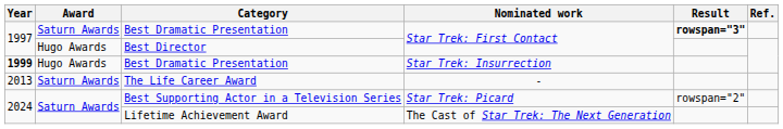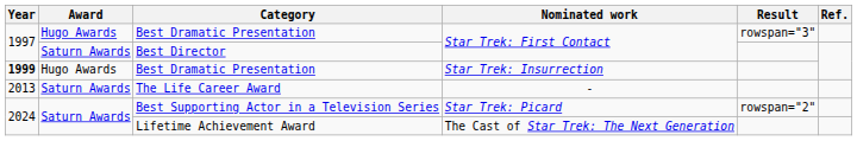 <table class="wikitable">
 <tr>
 <th>Year</th>
 <th>Award</th>
 <th>Category</th>
 <th>Nominated work</th>
 <th>Result</th>
 <th>Ref.</th>
 </tr>
 <tr>
 <td rowspan="2">1997</td>
-<td><a href='#'>Saturn Awards</a></td>
+<td><a href='#'>Hugo Awards</a></td>
 <td><a href='#'>Best Dramatic Presentation</a></td>
 <td rowspan="2"><em><a href='#'>Star Trek: First Contact</a></em></td>
-<td><strong>rowspan="3" </strong></td>
+<td>rowspan="3" </td>
 <td></td>
 </tr>
 <tr>
-<td>Hugo Awards</td>
+<td><a href='#'>Saturn Awards</a></td>
 <td><a href='#'>Best Director</a></td>
 <td></td>
 </tr>
 <tr>
 <td><strong>1999</strong></td>
 <td>Hugo Awards</td>
 <td><a href='#'>Best Dramatic Presentation</a></td>
 <td><em><a href='#'>Star Trek: Insurrection</a></em></td>
 <td></td>
 </tr>
 <tr>
 <td>2013</td>
 <td><a href='#'>Saturn Awards</a></td>
 <td><a href='#'>The Life Career Award</a></td>
 <td style="text-align: center;">-</td>
 <td></td>
 <td></td>
 </tr>
 <tr>
 <td rowspan="2">2024</td>
 <td rowspan="2"><a href='#'>Saturn Awards</a></td>
 <td><a href='#'>Best Supporting Actor in a Television Series</a></td>
 <td><em><a href='#'>Star Trek: Picard</a></em></td>
 <td>rowspan="2" </td>
 <td></td>
 </tr>
 <tr>
 <td>Lifetime Achievement Award</td>
 <td>The Cast of <em><a href='#'>Star Trek: The Next Generation</a></em></td>
 <td></td>
 </tr>
 </table>
